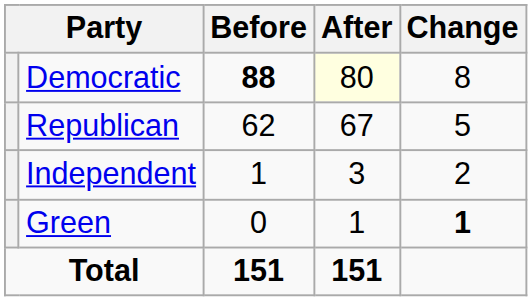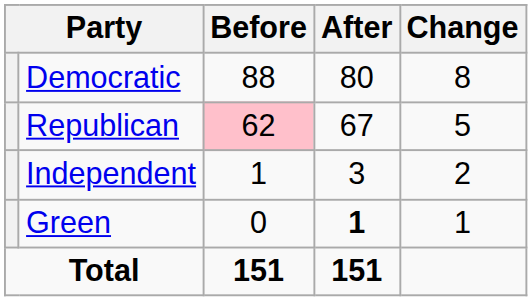 <table class="wikitable" style="text-align:center;">
 <tr>
 <th colspan="2">Party</th>
 <th>Before</th>
 <th>After</th>
 <th>Change</th>
 </tr>
 <tr>
 <th style="background-color:"></th>
 <td style="text-align:left;"><a href='#'>Democratic</a></td>
-<td><strong>88</strong></td>
-<td style="background: lightyellow;">80</td>
+<td>88</td>
+<td>80</td>
 <td> 8</td>
 </tr>
 <tr>
 <th style="background-color:"></th>
 <td style="text-align:left;"><a href='#'>Republican</a></td>
-<td>62</td>
+<td style="background: pink;">62</td>
 <td>67</td>
 <td> 5</td>
 </tr>
 <tr>
 <th style="background-color:"></th>
 <td style="text-align:left;"><a href='#'>Independent</a></td>
 <td>1</td>
 <td>3</td>
 <td> 2</td>
 </tr>
 <tr>
 <th style="background-color:"></th>
 <td style="text-align:left;"><a href='#'>Green</a></td>
 <td>0</td>
-<td>1</td>
-<td><strong> 1</strong></td>
+<td><strong>1</strong></td>
+<td> 1</td>
 </tr>
 <tr>
 <td colspan="2"><strong>Total</strong></td>
 <td><strong>151</strong></td>
 <td><strong>151</strong></td>
 <td></td>
 </tr>
 </table>
